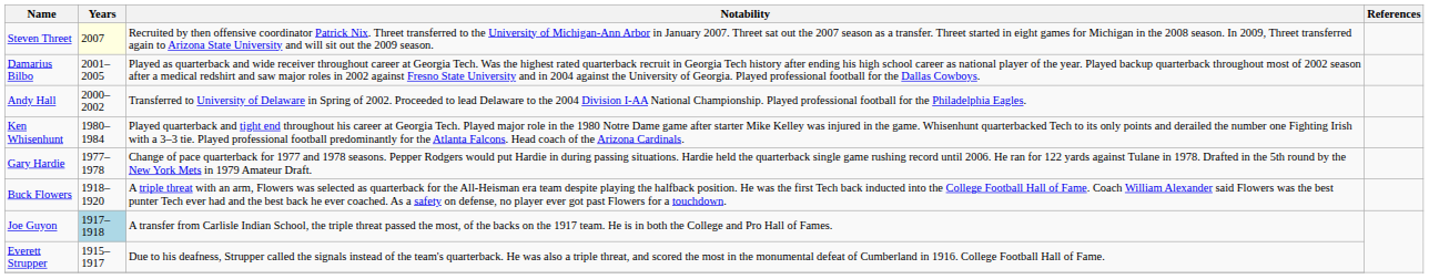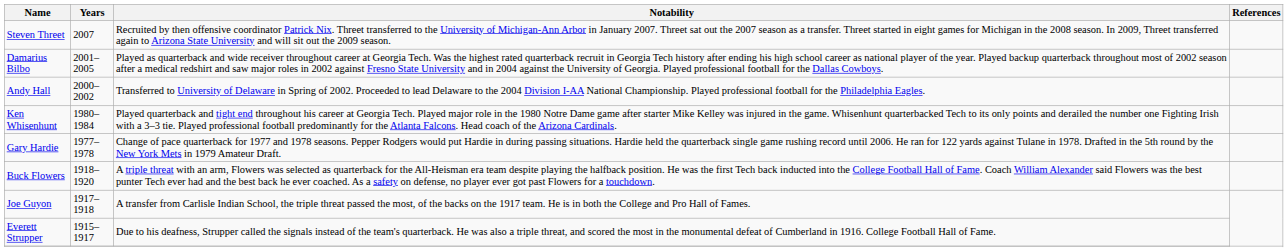 <table class="wikitable sortable" style="text-align:left;">
 <tr>
 <th>Name</th>
 <th>Years</th>
 <th>Notability</th>
 <th>References</th>
 </tr>
 <tr>
 <td><a href='#'>Steven Threet</a></td>
-<td style="background: lightyellow;">2007</td>
+<td>2007</td>
 <td>Recruited by then offensive coordinator <a href='#'>Patrick Nix</a>.  Threet transferred to the <a href='#'>University of Michigan-Ann Arbor</a> in January 2007.  Threet sat out the 2007 season as a transfer.  Threet started in eight games for Michigan in the 2008 season. In 2009, Threet transferred again to <a href='#'>Arizona State University</a> and will sit out the 2009 season.</td>
 <td></td>
 </tr>
 <tr>
 <td><a href='#'>Damarius Bilbo</a></td>
 <td>2001–2005</td>
 <td>Played as quarterback and wide receiver throughout career at Georgia Tech. Was the highest rated quarterback recruit in Georgia Tech history after ending his high school career as national player of the year.  Played backup quarterback throughout most of 2002 season after a medical redshirt and saw major roles in 2002 against <a href='#'>Fresno State University</a> and in 2004 against the University of Georgia.  Played professional football for the <a href='#'>Dallas Cowboys</a>.</td>
 <td></td>
 </tr>
 <tr>
 <td><a href='#'>Andy Hall</a></td>
 <td>2000–2002</td>
 <td>Transferred to <a href='#'>University of Delaware</a> in Spring of 2002.  Proceeded to lead Delaware to the 2004 <a href='#'>Division I-AA</a> National Championship.  Played professional football for the <a href='#'>Philadelphia Eagles</a>.</td>
 <td></td>
 </tr>
 <tr>
 <td><a href='#'>Ken Whisenhunt</a></td>
 <td>1980–1984</td>
 <td>Played quarterback and <a href='#'>tight end</a> throughout his career at Georgia Tech.  Played major role in the 1980 Notre Dame game after starter Mike Kelley was injured in the game.  Whisenhunt quarterbacked Tech to its only points and derailed the number one Fighting Irish with a 3–3 tie.  Played professional football predominantly for the <a href='#'>Atlanta Falcons</a>.  Head coach of the <a href='#'>Arizona Cardinals</a>.</td>
 <td></td>
 </tr>
 <tr>
 <td><a href='#'>Gary Hardie</a></td>
 <td>1977–1978</td>
 <td>Change of pace quarterback for 1977 and 1978 seasons.  Pepper Rodgers would put Hardie in during passing situations.  Hardie held the quarterback single game rushing record until 2006.  He ran for 122 yards against Tulane in 1978.  Drafted in the 5th round by the <a href='#'>New York Mets</a> in 1979 Amateur Draft.</td>
 <td></td>
 </tr>
 <tr>
 <td><a href='#'>Buck Flowers</a></td>
 <td>1918–1920</td>
 <td>A <a href='#'>triple threat</a> with an arm, Flowers was selected as quarterback for the All-Heisman era team despite playing the halfback position. He was the first Tech back inducted into the <a href='#'>College Football Hall of Fame</a>. Coach <a href='#'>William Alexander</a> said Flowers was the best punter Tech ever had and the best back he ever coached. As a <a href='#'>safety</a> on defense, no player ever got past Flowers for a <a href='#'>touchdown</a>.</td>
 <td></td>
 </tr>
 <tr>
 <td><a href='#'>Joe Guyon</a></td>
-<td style="background: lightblue;">1917–1918</td>
+<td>1917–1918</td>
 <td>A transfer from Carlisle Indian School, the triple threat passed the most, of the backs on the 1917 team. He is in both the College and Pro Hall of Fames.</td>
 </tr>
 <tr>
 <td><a href='#'>Everett Strupper</a></td>
 <td>1915–1917</td>
 <td>Due to his deafness, Strupper called the signals instead of the team's quarterback. He was also a triple threat, and scored the most in the monumental defeat of Cumberland in 1916. College Football Hall of Fame.</td>
 </tr>
 <tr>
 </tr>
 </table>
